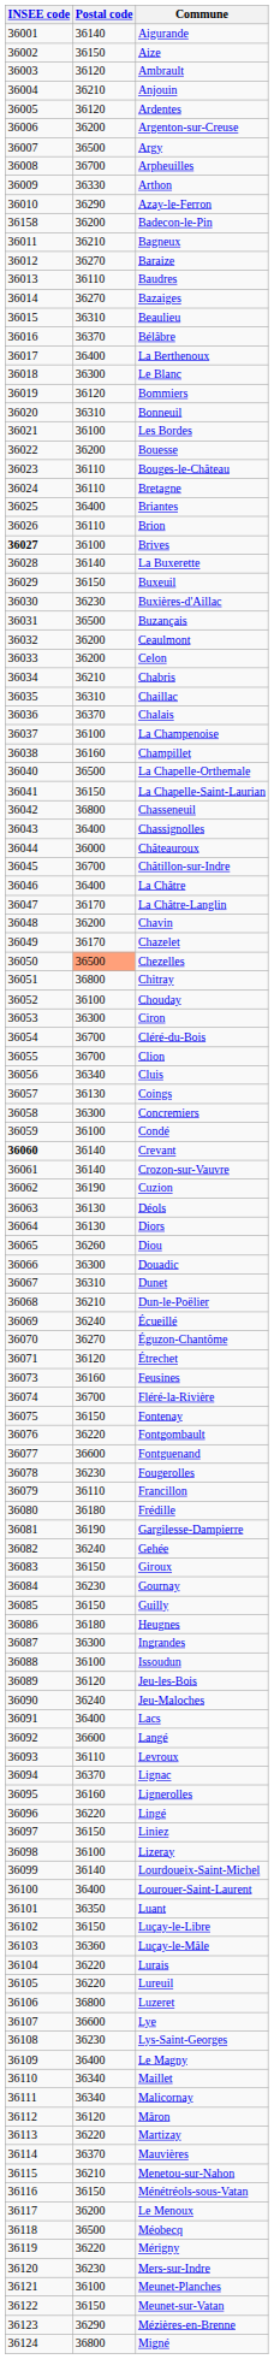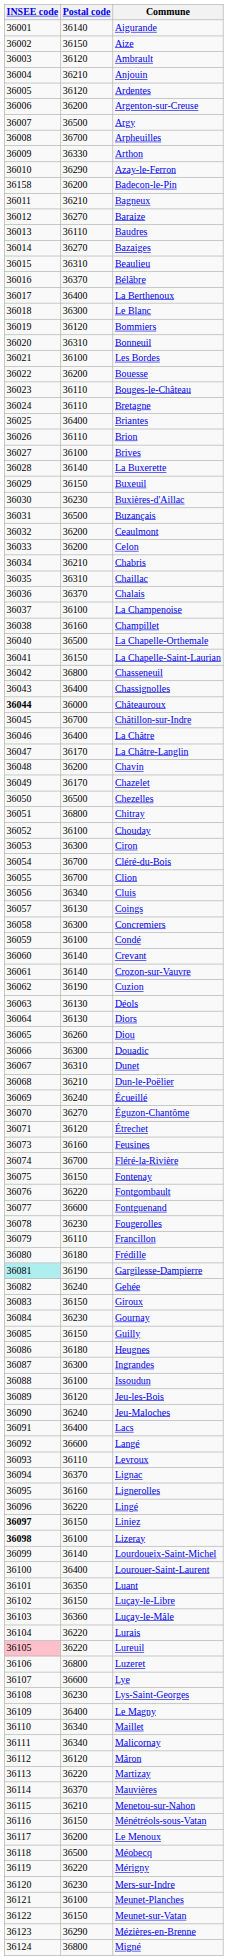 <table class="wikitable sortable">
 <tr>
 <th><a href='#'>INSEE code</a></th>
 <th><a href='#'>Postal code</a></th>
 <th>Commune</th>
 </tr>
 <tr>
 <td>36001</td>
 <td>36140</td>
 <td><a href='#'>Aigurande</a></td>
 </tr>
 <tr>
 <td>36002</td>
 <td>36150</td>
 <td><a href='#'>Aize</a></td>
 </tr>
 <tr>
 <td>36003</td>
 <td>36120</td>
 <td><a href='#'>Ambrault</a></td>
 </tr>
 <tr>
 <td>36004</td>
 <td>36210</td>
 <td><a href='#'>Anjouin</a></td>
 </tr>
 <tr>
 <td>36005</td>
 <td>36120</td>
 <td><a href='#'>Ardentes</a></td>
 </tr>
 <tr>
 <td>36006</td>
 <td>36200</td>
 <td><a href='#'>Argenton-sur-Creuse</a></td>
 </tr>
 <tr>
 <td>36007</td>
 <td>36500</td>
 <td><a href='#'>Argy</a></td>
 </tr>
 <tr>
 <td>36008</td>
 <td>36700</td>
 <td><a href='#'>Arpheuilles</a></td>
 </tr>
 <tr>
 <td>36009</td>
 <td>36330</td>
 <td><a href='#'>Arthon</a></td>
 </tr>
 <tr>
 <td>36010</td>
 <td>36290</td>
 <td><a href='#'>Azay-le-Ferron</a></td>
 </tr>
 <tr>
 <td>36158</td>
 <td>36200</td>
 <td><a href='#'>Badecon-le-Pin</a></td>
 </tr>
 <tr>
 <td>36011</td>
 <td>36210</td>
 <td><a href='#'>Bagneux</a></td>
 </tr>
 <tr>
 <td>36012</td>
 <td>36270</td>
 <td><a href='#'>Baraize</a></td>
 </tr>
 <tr>
 <td>36013</td>
 <td>36110</td>
 <td><a href='#'>Baudres</a></td>
 </tr>
 <tr>
 <td>36014</td>
 <td>36270</td>
 <td><a href='#'>Bazaiges</a></td>
 </tr>
 <tr>
 <td>36015</td>
 <td>36310</td>
 <td><a href='#'>Beaulieu</a></td>
 </tr>
 <tr>
 <td>36016</td>
 <td>36370</td>
 <td><a href='#'>Bélâbre</a></td>
 </tr>
 <tr>
 <td>36017</td>
 <td>36400</td>
 <td><a href='#'>La Berthenoux</a></td>
 </tr>
 <tr>
 <td>36018</td>
 <td>36300</td>
 <td><a href='#'>Le Blanc</a></td>
 </tr>
 <tr>
 <td>36019</td>
 <td>36120</td>
 <td><a href='#'>Bommiers</a></td>
 </tr>
 <tr>
 <td>36020</td>
 <td>36310</td>
 <td><a href='#'>Bonneuil</a></td>
 </tr>
 <tr>
 <td>36021</td>
 <td>36100</td>
 <td><a href='#'>Les Bordes</a></td>
 </tr>
 <tr>
 <td>36022</td>
 <td>36200</td>
 <td><a href='#'>Bouesse</a></td>
 </tr>
 <tr>
 <td>36023</td>
 <td>36110</td>
 <td><a href='#'>Bouges-le-Château</a></td>
 </tr>
 <tr>
 <td>36024</td>
 <td>36110</td>
 <td><a href='#'>Bretagne</a></td>
 </tr>
 <tr>
 <td>36025</td>
 <td>36400</td>
 <td><a href='#'>Briantes</a></td>
 </tr>
 <tr>
 <td>36026</td>
 <td>36110</td>
 <td><a href='#'>Brion</a></td>
 </tr>
 <tr>
-<td><strong>36027</strong></td>
+<td>36027</td>
 <td>36100</td>
 <td><a href='#'>Brives</a></td>
 </tr>
 <tr>
 <td>36028</td>
 <td>36140</td>
 <td><a href='#'>La Buxerette</a></td>
 </tr>
 <tr>
 <td>36029</td>
 <td>36150</td>
 <td><a href='#'>Buxeuil</a></td>
 </tr>
 <tr>
 <td>36030</td>
 <td>36230</td>
 <td><a href='#'>Buxières-d'Aillac</a></td>
 </tr>
 <tr>
 <td>36031</td>
 <td>36500</td>
 <td><a href='#'>Buzançais</a></td>
 </tr>
 <tr>
 <td>36032</td>
 <td>36200</td>
 <td><a href='#'>Ceaulmont</a></td>
 </tr>
 <tr>
 <td>36033</td>
 <td>36200</td>
 <td><a href='#'>Celon</a></td>
 </tr>
 <tr>
 <td>36034</td>
 <td>36210</td>
 <td><a href='#'>Chabris</a></td>
 </tr>
 <tr>
 <td>36035</td>
 <td>36310</td>
 <td><a href='#'>Chaillac</a></td>
 </tr>
 <tr>
 <td>36036</td>
 <td>36370</td>
 <td><a href='#'>Chalais</a></td>
 </tr>
 <tr>
 <td>36037</td>
 <td>36100</td>
 <td><a href='#'>La Champenoise</a></td>
 </tr>
 <tr>
 <td>36038</td>
 <td>36160</td>
 <td><a href='#'>Champillet</a></td>
 </tr>
 <tr>
 <td>36040</td>
 <td>36500</td>
 <td><a href='#'>La Chapelle-Orthemale</a></td>
 </tr>
 <tr>
 <td>36041</td>
 <td>36150</td>
 <td><a href='#'>La Chapelle-Saint-Laurian</a></td>
 </tr>
 <tr>
 <td>36042</td>
 <td>36800</td>
 <td><a href='#'>Chasseneuil</a></td>
 </tr>
 <tr>
 <td>36043</td>
 <td>36400</td>
 <td><a href='#'>Chassignolles</a></td>
 </tr>
 <tr>
-<td>36044</td>
+<td><strong>36044</strong></td>
 <td>36000</td>
 <td><a href='#'>Châteauroux</a></td>
 </tr>
 <tr>
 <td>36045</td>
 <td>36700</td>
 <td><a href='#'>Châtillon-sur-Indre</a></td>
 </tr>
 <tr>
 <td>36046</td>
 <td>36400</td>
 <td><a href='#'>La Châtre</a></td>
 </tr>
 <tr>
 <td>36047</td>
 <td>36170</td>
 <td><a href='#'>La Châtre-Langlin</a></td>
 </tr>
 <tr>
 <td>36048</td>
 <td>36200</td>
 <td><a href='#'>Chavin</a></td>
 </tr>
 <tr>
 <td>36049</td>
 <td>36170</td>
 <td><a href='#'>Chazelet</a></td>
 </tr>
 <tr>
 <td>36050</td>
-<td style="background: lightsalmon;">36500</td>
+<td>36500</td>
 <td><a href='#'>Chezelles</a></td>
 </tr>
 <tr>
 <td>36051</td>
 <td>36800</td>
 <td><a href='#'>Chitray</a></td>
 </tr>
 <tr>
 <td>36052</td>
 <td>36100</td>
 <td><a href='#'>Chouday</a></td>
 </tr>
 <tr>
 <td>36053</td>
 <td>36300</td>
 <td><a href='#'>Ciron</a></td>
 </tr>
 <tr>
 <td>36054</td>
 <td>36700</td>
 <td><a href='#'>Cléré-du-Bois</a></td>
 </tr>
 <tr>
 <td>36055</td>
 <td>36700</td>
 <td><a href='#'>Clion</a></td>
 </tr>
 <tr>
 <td>36056</td>
 <td>36340</td>
 <td><a href='#'>Cluis</a></td>
 </tr>
 <tr>
 <td>36057</td>
 <td>36130</td>
 <td><a href='#'>Coings</a></td>
 </tr>
 <tr>
 <td>36058</td>
 <td>36300</td>
 <td><a href='#'>Concremiers</a></td>
 </tr>
 <tr>
 <td>36059</td>
 <td>36100</td>
 <td><a href='#'>Condé</a></td>
 </tr>
 <tr>
-<td><strong>36060</strong></td>
+<td>36060</td>
 <td>36140</td>
 <td><a href='#'>Crevant</a></td>
 </tr>
 <tr>
 <td>36061</td>
 <td>36140</td>
 <td><a href='#'>Crozon-sur-Vauvre</a></td>
 </tr>
 <tr>
 <td>36062</td>
 <td>36190</td>
 <td><a href='#'>Cuzion</a></td>
 </tr>
 <tr>
 <td>36063</td>
 <td>36130</td>
 <td><a href='#'>Déols</a></td>
 </tr>
 <tr>
 <td>36064</td>
 <td>36130</td>
 <td><a href='#'>Diors</a></td>
 </tr>
 <tr>
 <td>36065</td>
 <td>36260</td>
 <td><a href='#'>Diou</a></td>
 </tr>
 <tr>
 <td>36066</td>
 <td>36300</td>
 <td><a href='#'>Douadic</a></td>
 </tr>
 <tr>
 <td>36067</td>
 <td>36310</td>
 <td><a href='#'>Dunet</a></td>
 </tr>
 <tr>
 <td>36068</td>
 <td>36210</td>
 <td><a href='#'>Dun-le-Poëlier</a></td>
 </tr>
 <tr>
 <td>36069</td>
 <td>36240</td>
 <td><a href='#'>Écueillé</a></td>
 </tr>
 <tr>
 <td>36070</td>
 <td>36270</td>
 <td><a href='#'>Éguzon-Chantôme</a></td>
 </tr>
 <tr>
 <td>36071</td>
 <td>36120</td>
 <td><a href='#'>Étrechet</a></td>
 </tr>
 <tr>
 <td>36073</td>
 <td>36160</td>
 <td><a href='#'>Feusines</a></td>
 </tr>
 <tr>
 <td>36074</td>
 <td>36700</td>
 <td><a href='#'>Fléré-la-Rivière</a></td>
 </tr>
 <tr>
 <td>36075</td>
 <td>36150</td>
 <td><a href='#'>Fontenay</a></td>
 </tr>
 <tr>
 <td>36076</td>
 <td>36220</td>
 <td><a href='#'>Fontgombault</a></td>
 </tr>
 <tr>
 <td>36077</td>
 <td>36600</td>
 <td><a href='#'>Fontguenand</a></td>
 </tr>
 <tr>
 <td>36078</td>
 <td>36230</td>
 <td><a href='#'>Fougerolles</a></td>
 </tr>
 <tr>
 <td>36079</td>
 <td>36110</td>
 <td><a href='#'>Francillon</a></td>
 </tr>
 <tr>
 <td>36080</td>
 <td>36180</td>
 <td><a href='#'>Frédille</a></td>
 </tr>
 <tr>
-<td>36081</td>
+<td style="background: paleturquoise;">36081</td>
 <td>36190</td>
 <td><a href='#'>Gargilesse-Dampierre</a></td>
 </tr>
 <tr>
 <td>36082</td>
 <td>36240</td>
 <td><a href='#'>Gehée</a></td>
 </tr>
 <tr>
 <td>36083</td>
 <td>36150</td>
 <td><a href='#'>Giroux</a></td>
 </tr>
 <tr>
 <td>36084</td>
 <td>36230</td>
 <td><a href='#'>Gournay</a></td>
 </tr>
 <tr>
 <td>36085</td>
 <td>36150</td>
 <td><a href='#'>Guilly</a></td>
 </tr>
 <tr>
 <td>36086</td>
 <td>36180</td>
 <td><a href='#'>Heugnes</a></td>
 </tr>
 <tr>
 <td>36087</td>
 <td>36300</td>
 <td><a href='#'>Ingrandes</a></td>
 </tr>
 <tr>
 <td>36088</td>
 <td>36100</td>
 <td><a href='#'>Issoudun</a></td>
 </tr>
 <tr>
 <td>36089</td>
 <td>36120</td>
 <td><a href='#'>Jeu-les-Bois</a></td>
 </tr>
 <tr>
 <td>36090</td>
 <td>36240</td>
 <td><a href='#'>Jeu-Maloches</a></td>
 </tr>
 <tr>
 <td>36091</td>
 <td>36400</td>
 <td><a href='#'>Lacs</a></td>
 </tr>
 <tr>
 <td>36092</td>
 <td>36600</td>
 <td><a href='#'>Langé</a></td>
 </tr>
 <tr>
 <td>36093</td>
 <td>36110</td>
 <td><a href='#'>Levroux</a></td>
 </tr>
 <tr>
 <td>36094</td>
 <td>36370</td>
 <td><a href='#'>Lignac</a></td>
 </tr>
 <tr>
 <td>36095</td>
 <td>36160</td>
 <td><a href='#'>Lignerolles</a></td>
 </tr>
 <tr>
 <td>36096</td>
 <td>36220</td>
 <td><a href='#'>Lingé</a></td>
 </tr>
 <tr>
-<td>36097</td>
+<td><strong>36097</strong></td>
 <td>36150</td>
 <td><a href='#'>Liniez</a></td>
 </tr>
 <tr>
-<td>36098</td>
+<td><strong>36098</strong></td>
 <td>36100</td>
 <td><a href='#'>Lizeray</a></td>
 </tr>
 <tr>
 <td>36099</td>
 <td>36140</td>
 <td><a href='#'>Lourdoueix-Saint-Michel</a></td>
 </tr>
 <tr>
 <td>36100</td>
 <td>36400</td>
 <td><a href='#'>Lourouer-Saint-Laurent</a></td>
 </tr>
 <tr>
 <td>36101</td>
 <td>36350</td>
 <td><a href='#'>Luant</a></td>
 </tr>
 <tr>
 <td>36102</td>
 <td>36150</td>
 <td><a href='#'>Luçay-le-Libre</a></td>
 </tr>
 <tr>
 <td>36103</td>
 <td>36360</td>
 <td><a href='#'>Luçay-le-Mâle</a></td>
 </tr>
 <tr>
 <td>36104</td>
 <td>36220</td>
 <td><a href='#'>Lurais</a></td>
 </tr>
 <tr>
-<td>36105</td>
+<td style="background: pink;">36105</td>
 <td>36220</td>
 <td><a href='#'>Lureuil</a></td>
 </tr>
 <tr>
 <td>36106</td>
 <td>36800</td>
 <td><a href='#'>Luzeret</a></td>
 </tr>
 <tr>
 <td>36107</td>
 <td>36600</td>
 <td><a href='#'>Lye</a></td>
 </tr>
 <tr>
 <td>36108</td>
 <td>36230</td>
 <td><a href='#'>Lys-Saint-Georges</a></td>
 </tr>
 <tr>
 <td>36109</td>
 <td>36400</td>
 <td><a href='#'>Le Magny</a></td>
 </tr>
 <tr>
 <td>36110</td>
 <td>36340</td>
 <td><a href='#'>Maillet</a></td>
 </tr>
 <tr>
 <td>36111</td>
 <td>36340</td>
 <td><a href='#'>Malicornay</a></td>
 </tr>
 <tr>
 <td>36112</td>
 <td>36120</td>
 <td><a href='#'>Mâron</a></td>
 </tr>
 <tr>
 <td>36113</td>
 <td>36220</td>
 <td><a href='#'>Martizay</a></td>
 </tr>
 <tr>
 <td>36114</td>
 <td>36370</td>
 <td><a href='#'>Mauvières</a></td>
 </tr>
 <tr>
 <td>36115</td>
 <td>36210</td>
 <td><a href='#'>Menetou-sur-Nahon</a></td>
 </tr>
 <tr>
 <td>36116</td>
 <td>36150</td>
 <td><a href='#'>Ménétréols-sous-Vatan</a></td>
 </tr>
 <tr>
 <td>36117</td>
 <td>36200</td>
 <td><a href='#'>Le Menoux</a></td>
 </tr>
 <tr>
 <td>36118</td>
 <td>36500</td>
 <td><a href='#'>Méobecq</a></td>
 </tr>
 <tr>
 <td>36119</td>
 <td>36220</td>
 <td><a href='#'>Mérigny</a></td>
 </tr>
 <tr>
 <td>36120</td>
 <td>36230</td>
 <td><a href='#'>Mers-sur-Indre</a></td>
 </tr>
 <tr>
 <td>36121</td>
 <td>36100</td>
 <td><a href='#'>Meunet-Planches</a></td>
 </tr>
 <tr>
 <td>36122</td>
 <td>36150</td>
 <td><a href='#'>Meunet-sur-Vatan</a></td>
 </tr>
 <tr>
 <td>36123</td>
 <td>36290</td>
 <td><a href='#'>Mézières-en-Brenne</a></td>
 </tr>
 <tr>
 <td>36124</td>
 <td>36800</td>
 <td><a href='#'>Migné</a></td>
 </tr>
 </table>
